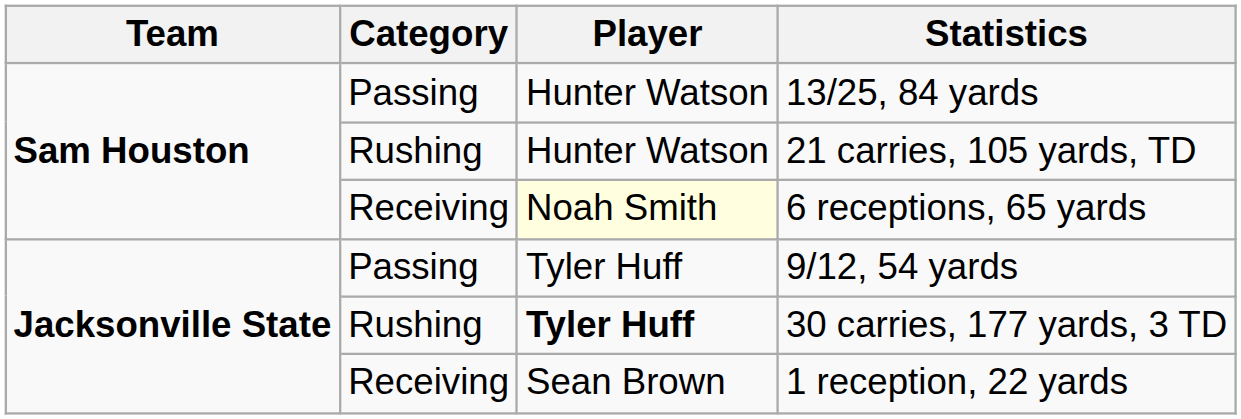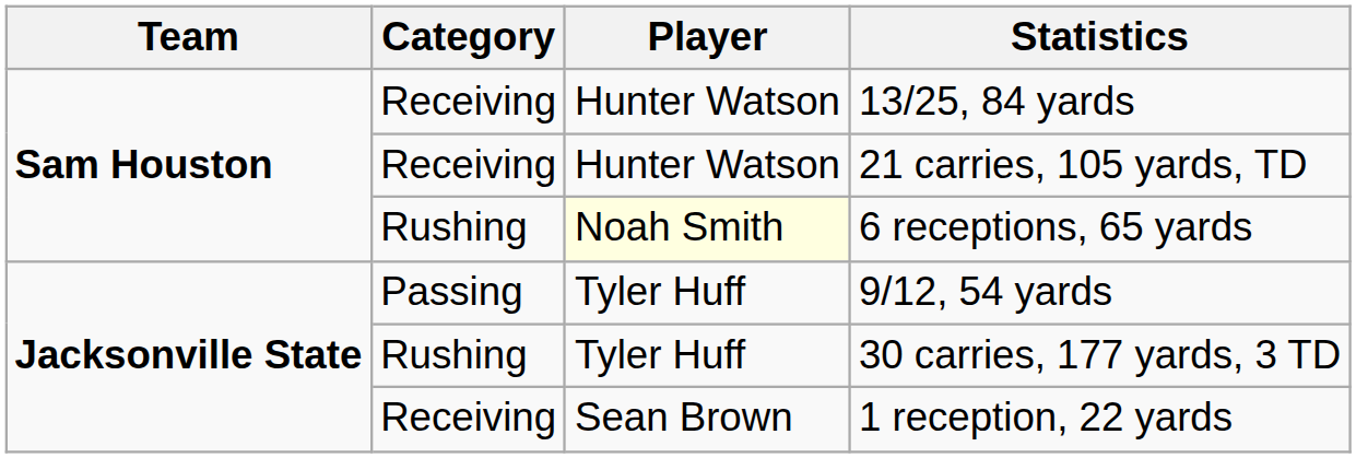 <table class="wikitable" style="float: right;">
 <tr>
 <th>Team</th>
 <th>Category</th>
 <th>Player</th>
 <th>Statistics</th>
 </tr>
 <tr>
 <td rowspan=3><strong>Sam Houston</strong></td>
-<td>Passing</td>
+<td>Receiving</td>
 <td>Hunter Watson</td>
 <td>13/25, 84 yards</td>
 </tr>
 <tr>
-<td>Rushing</td>
+<td>Receiving</td>
 <td>Hunter Watson</td>
 <td>21 carries, 105 yards, TD</td>
 </tr>
 <tr>
-<td>Receiving</td>
+<td>Rushing</td>
 <td style="background: lightyellow;">Noah Smith</td>
 <td>6 receptions, 65 yards</td>
 </tr>
 <tr>
 <td rowspan=3><strong>Jacksonville State</strong></td>
 <td>Passing</td>
 <td>Tyler Huff</td>
 <td>9/12, 54 yards</td>
 </tr>
 <tr>
 <td>Rushing</td>
-<td><strong>Tyler Huff</strong></td>
+<td>Tyler Huff</td>
 <td>30 carries, 177 yards, 3 TD</td>
 </tr>
 <tr>
 <td>Receiving</td>
 <td>Sean Brown</td>
 <td>1 reception, 22 yards</td>
 </tr>
 </table>
